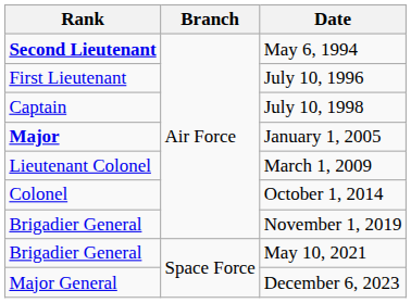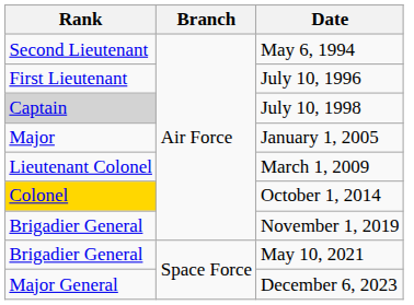 <table class="wikitable">
 <tr>
 <th>Rank</th>
 <th>Branch</th>
 <th>Date</th>
 </tr>
 <tr>
-<td><strong> <a href='#'>Second Lieutenant</a></strong></td>
+<td> <a href='#'>Second Lieutenant</a></td>
 <td rowspan=7>Air Force</td>
 <td>May 6, 1994</td>
 </tr>
 <tr>
 <td> <a href='#'>First Lieutenant</a></td>
 <td>July 10, 1996</td>
 </tr>
 <tr>
-<td> <a href='#'>Captain</a></td>
+<td style="background: lightgrey;"> <a href='#'>Captain</a></td>
 <td>July 10, 1998</td>
 </tr>
 <tr>
-<td><strong> <a href='#'>Major</a></strong></td>
+<td> <a href='#'>Major</a></td>
 <td>January 1, 2005</td>
 </tr>
 <tr>
 <td> <a href='#'>Lieutenant Colonel</a></td>
 <td>March 1, 2009</td>
 </tr>
 <tr>
-<td> <a href='#'>Colonel</a></td>
+<td style="background: gold;"> <a href='#'>Colonel</a></td>
 <td>October 1, 2014</td>
 </tr>
 <tr>
 <td> <a href='#'>Brigadier General</a></td>
 <td>November 1, 2019</td>
 </tr>
 <tr>
 <td> <a href='#'>Brigadier General</a></td>
 <td rowspan=2>Space Force</td>
 <td>May 10, 2021</td>
 </tr>
 <tr>
 <td> <a href='#'>Major General</a></td>
 <td>December 6, 2023</td>
 </tr>
 </table>
